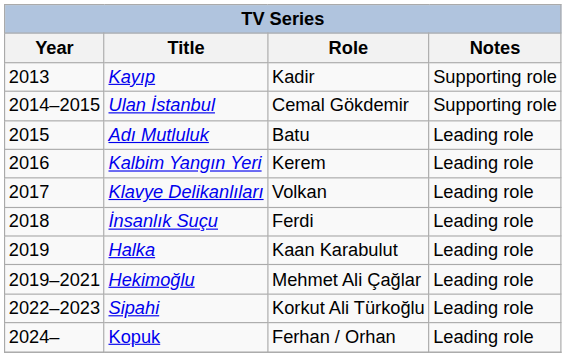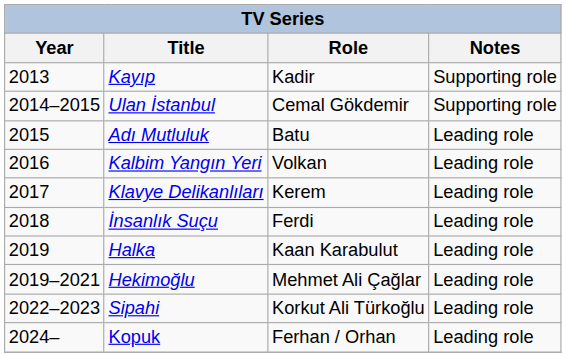 <table class="wikitable">
 <tr>
 <th colspan="4" style="background:LightSteelBlue">TV Series</th>
 </tr>
 <tr>
 <th>Year</th>
 <th>Title</th>
 <th>Role</th>
 <th>Notes</th>
 </tr>
 <tr>
 <td>2013</td>
 <td><em><a href='#'>Kayıp</a></em></td>
 <td>Kadir</td>
 <td>Supporting role</td>
 </tr>
 <tr>
 <td>2014–2015</td>
 <td><em><a href='#'>Ulan İstanbul</a></em></td>
 <td>Cemal Gökdemir</td>
 <td>Supporting role</td>
 </tr>
 <tr>
 <td>2015</td>
 <td><em><a href='#'>Adı Mutluluk</a></em></td>
 <td>Batu</td>
 <td>Leading role</td>
 </tr>
 <tr>
 <td>2016</td>
 <td><em><a href='#'>Kalbim Yangın Yeri</a></em></td>
-<td>Kerem</td>
+<td>Volkan</td>
 <td>Leading role</td>
 </tr>
 <tr>
 <td>2017</td>
 <td><em><a href='#'>Klavye Delikanlıları</a></em></td>
-<td>Volkan</td>
+<td>Kerem</td>
 <td>Leading role</td>
 </tr>
 <tr>
 <td>2018</td>
 <td><em><a href='#'>İnsanlık Suçu</a></em></td>
 <td>Ferdi</td>
 <td>Leading role</td>
 </tr>
 <tr>
 <td>2019</td>
 <td><em><a href='#'>Halka</a></em></td>
 <td>Kaan Karabulut</td>
 <td>Leading role</td>
 </tr>
 <tr>
 <td>2019–2021</td>
 <td><em><a href='#'>Hekimoğlu</a></em></td>
 <td>Mehmet Ali Çağlar</td>
 <td>Leading role</td>
 </tr>
 <tr>
 <td>2022–2023</td>
 <td><em><a href='#'>Sipahi</a></em></td>
 <td>Korkut Ali Türkoğlu</td>
 <td>Leading role</td>
 </tr>
 <tr>
 <td>2024–</td>
 <td><a href='#'>Kopuk</a></td>
 <td>Ferhan / Orhan</td>
 <td>Leading role</td>
 </tr>
 <tr>
 </tr>
 </table>
